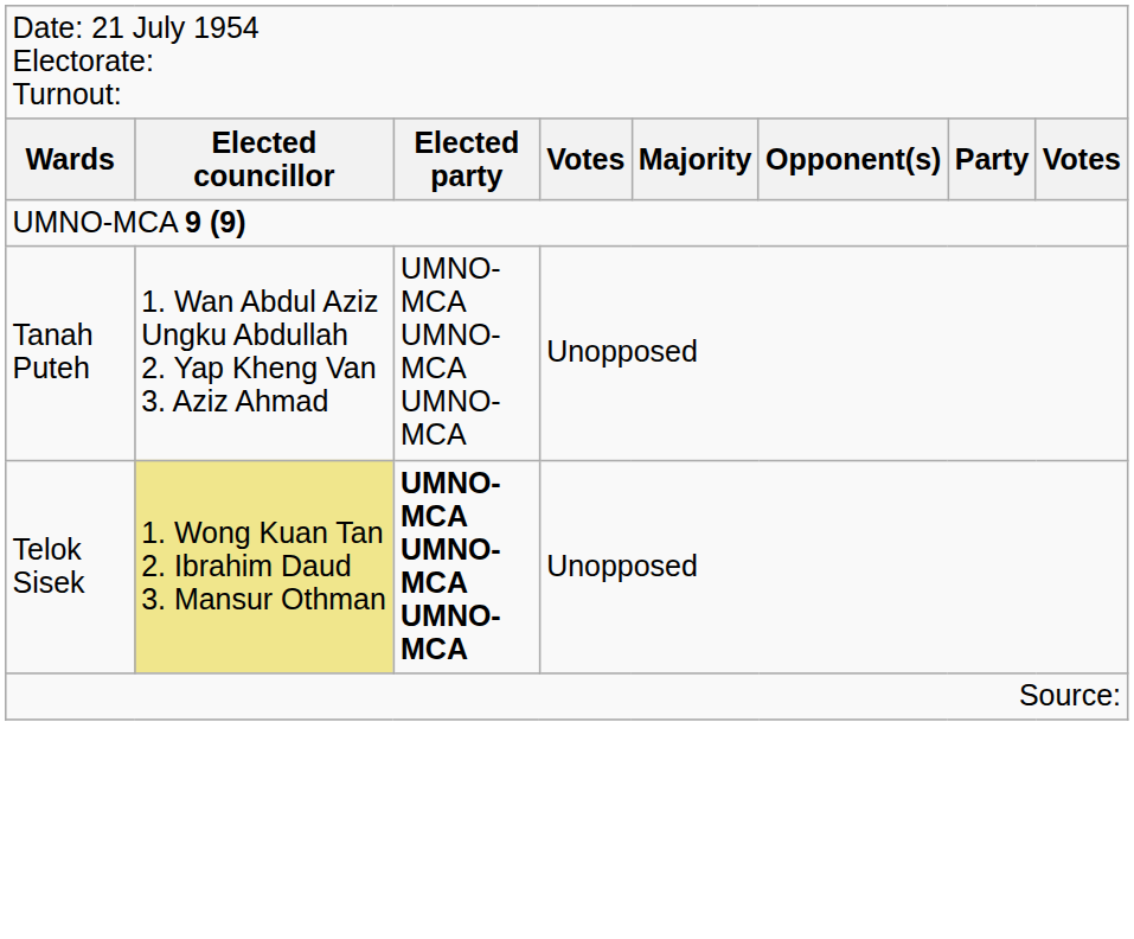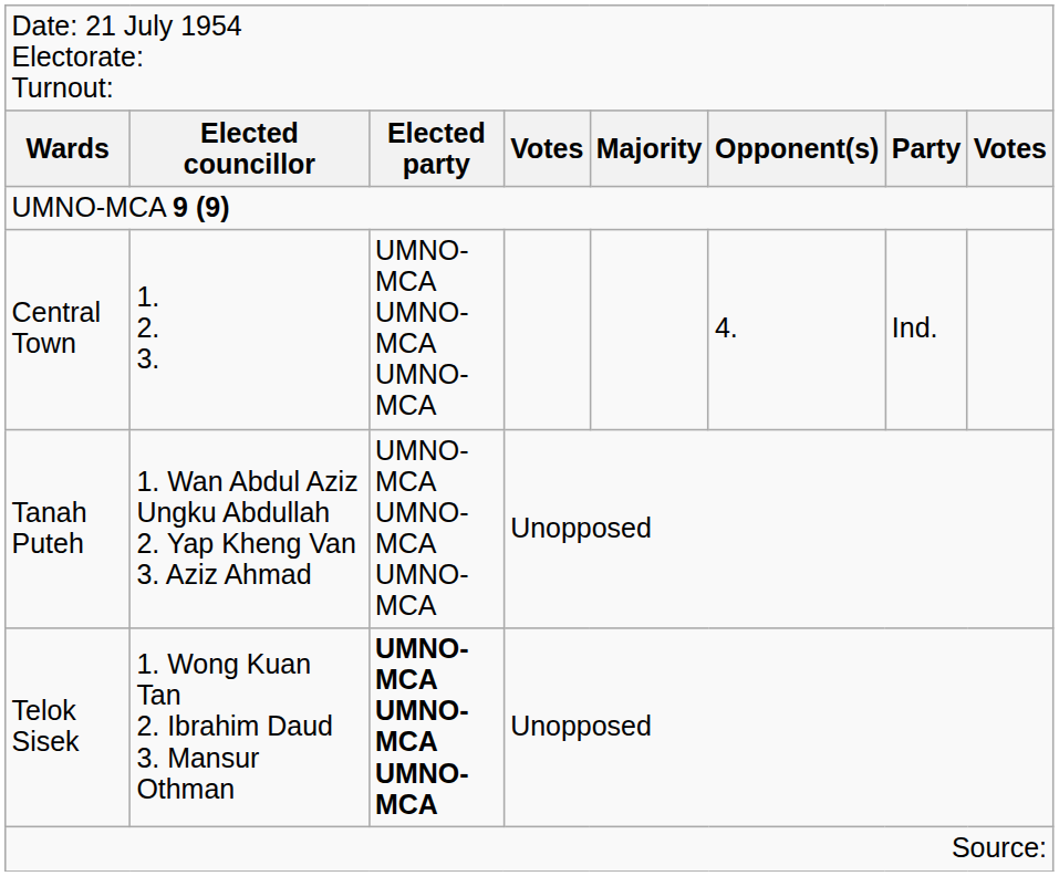 <table class=wikitable>
 <tr>
 <td colspan=8>Date: 21 July 1954<br>Electorate: <br>Turnout:</td>
 </tr>
 <tr>
 <th>Wards</th>
 <th>Elected councillor</th>
 <th>Elected party</th>
 <th>Votes</th>
 <th>Majority</th>
 <th>Opponent(s)</th>
 <th>Party</th>
 <th>Votes</th>
 </tr>
 <tr>
 <td colspan=8>UMNO-MCA <strong>9 (9)</strong> </td>
 </tr>
 <tr>
+<td>Central Town</td>
+<td>1.<br>2.<br>3.</td>
+<td>UMNO-MCA<br>UMNO-MCA<br>UMNO-MCA</td>
+<td></td>
+<td></td>
+<td>4.</td>
+<td>Ind.</td>
+<td></td>
+</tr>
+<tr>
 <td>Tanah Puteh</td>
 <td>1. Wan Abdul Aziz Ungku Abdullah<br>2. Yap Kheng Van<br>3. Aziz Ahmad</td>
 <td>UMNO-MCA<br>UMNO-MCA<br>UMNO-MCA</td>
 <td colspan=5>Unopposed</td>
 </tr>
 <tr>
 <td>Telok Sisek</td>
-<td style="background: khaki;">1. Wong Kuan Tan<br>2. Ibrahim Daud<br>3. Mansur Othman</td>
+<td>1. Wong Kuan Tan<br>2. Ibrahim Daud<br>3. Mansur Othman</td>
 <td><strong>UMNO-MCA<br>UMNO-MCA<br>UMNO-MCA</strong></td>
 <td colspan=5>Unopposed</td>
 </tr>
 <tr>
 <td colspan=8 align=right>Source: </td>
 </tr>
 </table>
